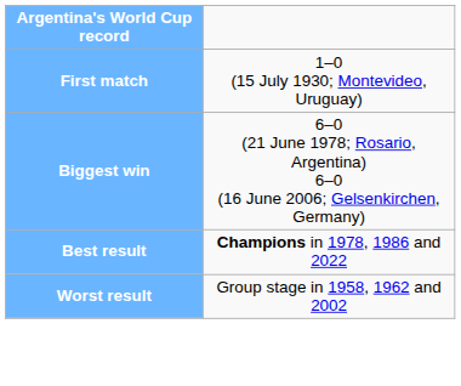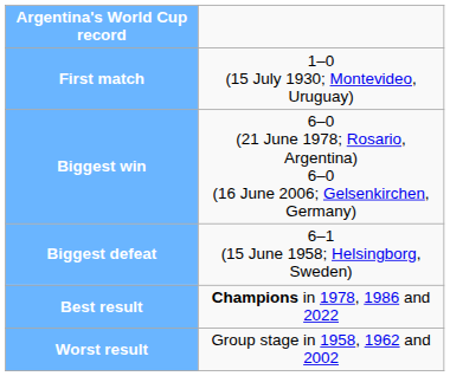 <table class="wikitable collapsible collapsed" style="width:50%;text-align:center">
 <tr>
 <th style="background:#6AB5FF; color:white; ">Argentina's World Cup record</th>
 </tr>
 <tr>
 <th style="background:#6AB5FF; color:white; ">First match</th>
 <td> 1–0 <br>(15 July 1930; <a href='#'>Montevideo</a>, Uruguay)</td>
 </tr>
 <tr>
 <th style="background:#6AB5FF; color:white; ">Biggest win</th>
 <td> 6–0 <br>(21 June 1978; <a href='#'>Rosario</a>, Argentina)<br> 6–0 <br>(16 June 2006; <a href='#'>Gelsenkirchen</a>, Germany)</td>
 </tr>
 <tr>
+<th style="background:#6AB5FF; color:white; ">Biggest defeat</th>
+<td> 6–1 <br>(15 June 1958; <a href='#'>Helsingborg</a>, Sweden)</td>
+</tr>
+<tr>
 <th style="background:#6AB5FF; color:white; ">Best result</th>
 <td><strong>Champions</strong> in <a href='#'>1978</a>, <a href='#'>1986</a> and <a href='#'>2022</a></td>
 </tr>
 <tr>
 <th style="background:#6AB5FF; color:white; ">Worst result</th>
 <td>Group stage in <a href='#'>1958</a>, <a href='#'>1962</a> and <a href='#'>2002</a></td>
 </tr>
 </table>
